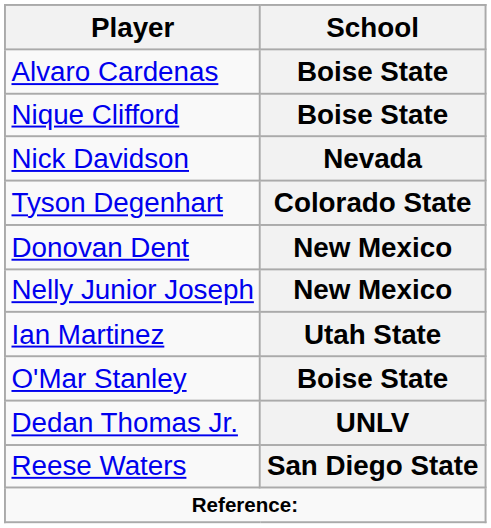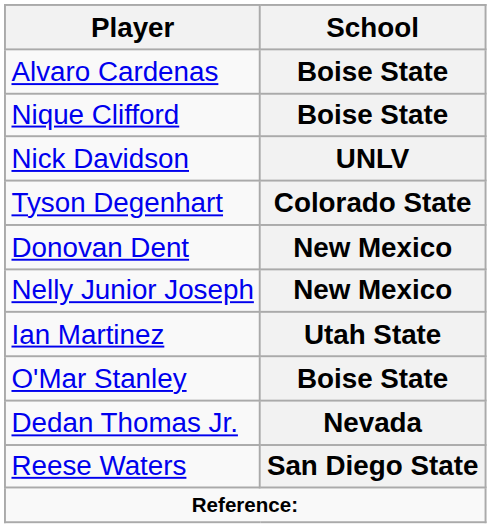 <table class="wikitable" style="white-space;nowrrap; font-size:90%;">
 <tr>
 <th>Player</th>
 <th>School</th>
 </tr>
 <tr>
 <td><a href='#'>Alvaro Cardenas</a></td>
 <th>Boise State</th>
 </tr>
 <tr>
 <td><a href='#'>Nique Clifford</a></td>
 <th>Boise State</th>
 </tr>
 <tr>
 <td><a href='#'>Nick Davidson</a></td>
-<th>Nevada</th>
+<th>UNLV</th>
 </tr>
 <tr>
 <td><a href='#'>Tyson Degenhart</a></td>
 <th>Colorado State</th>
 </tr>
 <tr>
 <td><a href='#'>Donovan Dent</a></td>
 <th>New Mexico</th>
 </tr>
 <tr>
 <td><a href='#'>Nelly Junior Joseph</a></td>
 <th>New Mexico</th>
 </tr>
 <tr>
 <td><a href='#'>Ian Martinez</a></td>
 <th>Utah State</th>
 </tr>
 <tr>
 <td><a href='#'>O'Mar Stanley</a></td>
 <th>Boise State</th>
 </tr>
 <tr>
 <td><a href='#'>Dedan Thomas Jr.</a></td>
-<th>UNLV</th>
+<th>Nevada</th>
 </tr>
 <tr>
 <td><a href='#'>Reese Waters</a></td>
 <th>San Diego State</th>
 </tr>
 <tr>
 <td colspan="4" style="font-size:8pt; text-align:center;"><strong>Reference:</strong></td>
 </tr>
 </table>
